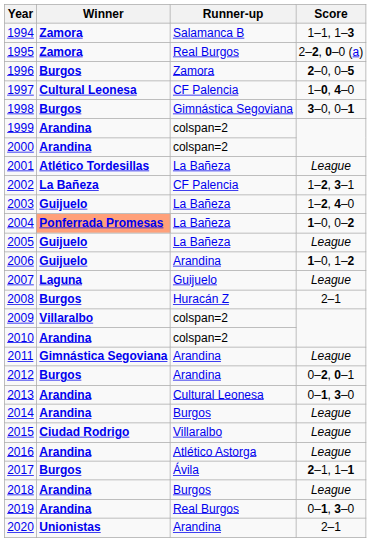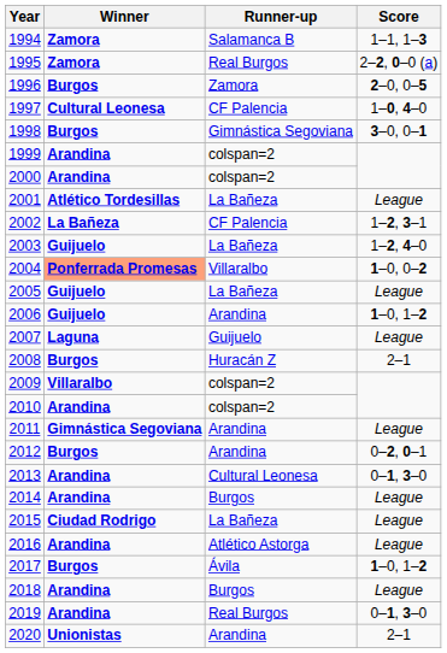 <table class="wikitable">
 <tr>
 <th>Year</th>
 <th>Winner</th>
 <th>Runner-up</th>
 <th>Score</th>
 </tr>
 <tr>
 <td align="center"><a href='#'>1994</a></td>
 <td><strong><a href='#'>Zamora</a></strong></td>
 <td><a href='#'>Salamanca B</a></td>
 <td align="center">1–1, 1–<strong>3</strong></td>
 </tr>
 <tr>
 <td align="center"><a href='#'>1995</a></td>
 <td><strong><a href='#'>Zamora</a></strong></td>
 <td><a href='#'>Real Burgos</a></td>
 <td align="center">2–<strong>2</strong>, <strong>0</strong>–0 (<a href='#'>a</a>)</td>
 </tr>
 <tr>
 <td align="center"><a href='#'>1996</a></td>
 <td><strong><a href='#'>Burgos</a></strong></td>
 <td><a href='#'>Zamora</a></td>
 <td align="center"><strong>2</strong>–0, 0–<strong>5</strong></td>
 </tr>
 <tr>
 <td align="center"><a href='#'>1997</a></td>
 <td><strong><a href='#'>Cultural Leonesa</a></strong></td>
 <td><a href='#'>CF Palencia</a></td>
 <td align="center">1–<strong>0</strong>, <strong>4</strong>–0</td>
 </tr>
 <tr>
 <td align="center"><a href='#'>1998</a></td>
 <td><strong><a href='#'>Burgos</a></strong></td>
 <td><a href='#'>Gimnástica Segoviana</a></td>
 <td align="center"><strong>3</strong>–0, 0–<strong>1</strong></td>
 </tr>
 <tr>
 <td align="center"><a href='#'>1999</a></td>
 <td><strong><a href='#'>Arandina</a></strong></td>
 <td>colspan=2 </td>
 </tr>
 <tr>
 <td align="center"><a href='#'>2000</a></td>
 <td><strong><a href='#'>Arandina</a></strong></td>
 <td>colspan=2 </td>
 </tr>
 <tr>
 <td align="center"><a href='#'>2001</a></td>
 <td><strong><a href='#'>Atlético Tordesillas</a></strong></td>
 <td><a href='#'>La Bañeza</a></td>
 <td align="center"><em>League</em></td>
 </tr>
 <tr>
 <td align="center"><a href='#'>2002</a></td>
 <td><strong><a href='#'>La Bañeza</a></strong></td>
 <td><a href='#'>CF Palencia</a></td>
 <td align="center">1–<strong>2</strong>, <strong>3</strong>–1</td>
 </tr>
 <tr>
 <td align="center"><a href='#'>2003</a></td>
 <td><strong><a href='#'>Guijuelo</a></strong></td>
 <td><a href='#'>La Bañeza</a></td>
 <td align="center">1–<strong>2</strong>, <strong>4</strong>–0</td>
 </tr>
 <tr>
 <td align="center"><a href='#'>2004</a></td>
 <td style="background: lightsalmon;"><strong><a href='#'>Ponferrada Promesas</a></strong></td>
-<td><a href='#'>La Bañeza</a></td>
+<td><a href='#'>Villaralbo</a></td>
 <td align="center"><strong>1</strong>–0, 0–<strong>2</strong></td>
 </tr>
 <tr>
 <td align="center"><a href='#'>2005</a></td>
 <td><strong><a href='#'>Guijuelo</a></strong></td>
 <td><a href='#'>La Bañeza</a></td>
 <td align="center"><em>League</em></td>
 </tr>
 <tr>
 <td align="center"><a href='#'>2006</a></td>
 <td><strong><a href='#'>Guijuelo</a></strong></td>
 <td><a href='#'>Arandina</a></td>
 <td align="center"><strong>1</strong>–0, 1–<strong>2</strong></td>
 </tr>
 <tr>
 <td align="center"><a href='#'>2007</a></td>
 <td><strong><a href='#'>Laguna</a></strong></td>
 <td><a href='#'>Guijuelo</a></td>
 <td align="center"><em>League</em></td>
 </tr>
 <tr>
 <td align="center"><a href='#'>2008</a></td>
 <td><strong><a href='#'>Burgos</a></strong></td>
 <td><a href='#'>Huracán Z</a></td>
 <td align="center">2–1</td>
 </tr>
 <tr>
 <td align="center"><a href='#'>2009</a></td>
 <td><strong><a href='#'>Villaralbo</a></strong></td>
 <td>colspan=2 </td>
 </tr>
 <tr>
 <td align="center"><a href='#'>2010</a></td>
 <td><strong><a href='#'>Arandina</a></strong></td>
 <td>colspan=2 </td>
 </tr>
 <tr>
 <td align="center"><a href='#'>2011</a></td>
 <td><strong><a href='#'>Gimnástica Segoviana</a></strong></td>
 <td><a href='#'>Arandina</a></td>
 <td align="center"><em>League</em></td>
 </tr>
 <tr>
 <td align="center"><a href='#'>2012</a></td>
 <td><strong><a href='#'>Burgos</a></strong></td>
 <td><a href='#'>Arandina</a></td>
 <td align="center">0–<strong>2</strong>, <strong>0</strong>–1</td>
 </tr>
 <tr>
 <td align="center"><a href='#'>2013</a></td>
 <td><strong><a href='#'>Arandina</a></strong></td>
 <td><a href='#'>Cultural Leonesa</a></td>
 <td align="center">0–<strong>1</strong>, <strong>3</strong>–0</td>
 </tr>
 <tr>
 <td align="center"><a href='#'>2014</a></td>
 <td><strong><a href='#'>Arandina</a></strong></td>
 <td><a href='#'>Burgos</a></td>
 <td align="center"><em>League</em></td>
 </tr>
 <tr>
 <td align="center"><a href='#'>2015</a></td>
 <td><strong><a href='#'>Ciudad Rodrigo</a></strong></td>
-<td><a href='#'>Villaralbo</a></td>
+<td><a href='#'>La Bañeza</a></td>
 <td align="center"><em>League</em></td>
 </tr>
 <tr>
 <td align="center"><a href='#'>2016</a></td>
 <td><strong><a href='#'>Arandina</a></strong></td>
 <td><a href='#'>Atlético Astorga</a></td>
 <td align=center><em>League</em></td>
 </tr>
 <tr>
 <td align="center"><a href='#'>2017</a></td>
 <td><strong><a href='#'>Burgos</a></strong></td>
 <td><a href='#'>Ávila</a></td>
-<td align=center><strong>2</strong>–1, 1–<strong>1</strong></td>
+<td align="center"><strong>1</strong>–0, 1–<strong>2</strong></td>
 </tr>
 <tr>
 <td align="center"><a href='#'>2018</a></td>
 <td><strong><a href='#'>Arandina</a></strong></td>
 <td><a href='#'>Burgos</a></td>
 <td align=center><em>League</em></td>
 </tr>
 <tr>
 <td align="center"><a href='#'>2019</a></td>
 <td><strong><a href='#'>Arandina</a></strong></td>
 <td><a href='#'>Real Burgos</a></td>
 <td align=center>0–<strong>1</strong>, <strong>3</strong>–0</td>
 </tr>
 <tr>
 <td align="center"><a href='#'>2020</a></td>
 <td><strong><a href='#'>Unionistas</a></strong></td>
 <td><a href='#'>Arandina</a></td>
 <td align="center">2–1</td>
 </tr>
 </table>
